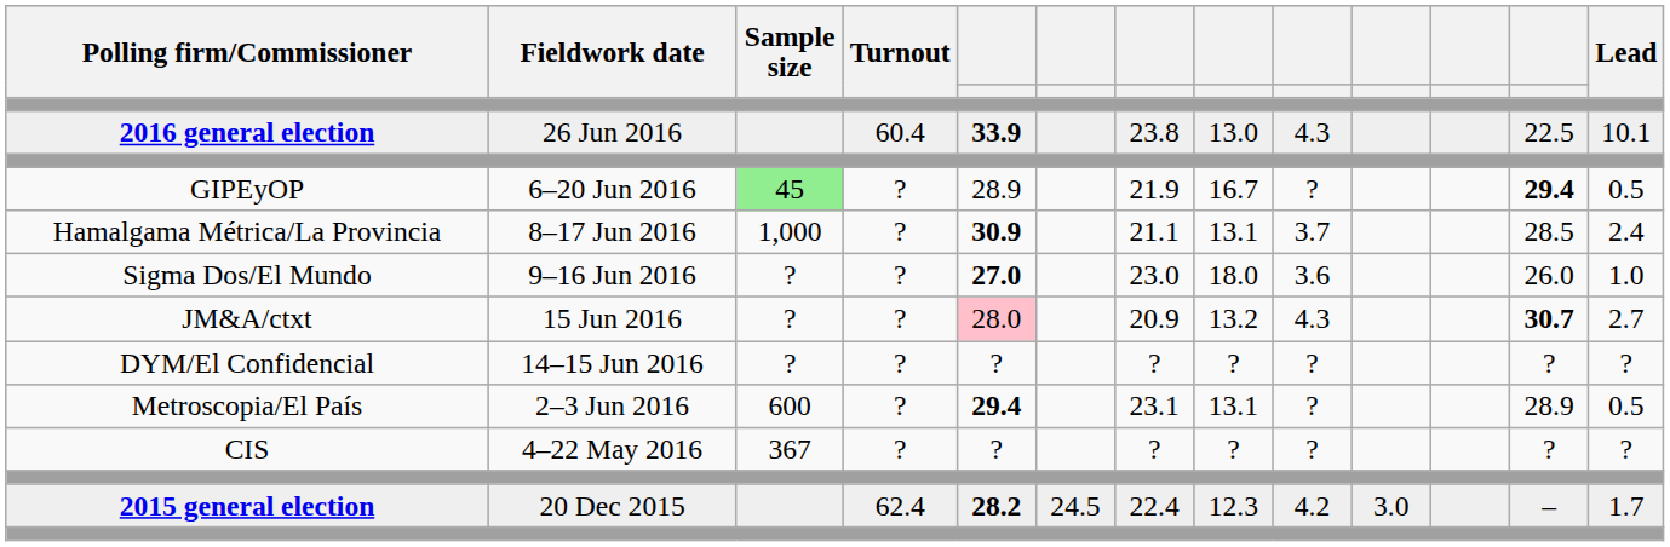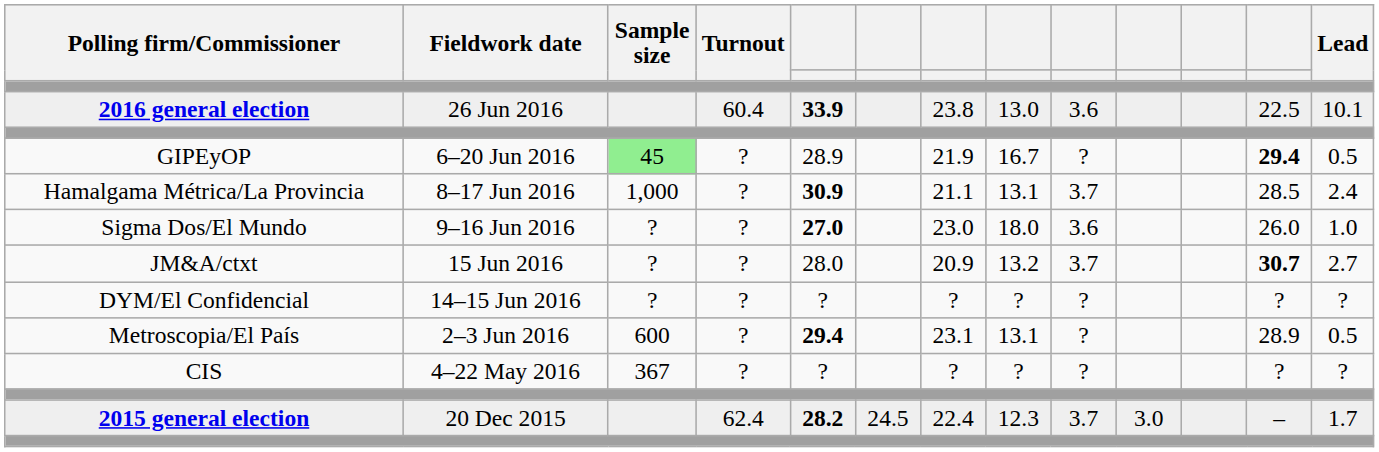 <table class="wikitable collapsible collapsed" style="text-align:center; font-size:95%; line-height:16px;">
 <tr style="height:42px; background-color:#E9E9E9">
 <th style="width:250px;" rowspan="2">Polling firm/Commissioner</th>
 <th style="width:125px;" rowspan="2">Fieldwork date</th>
 <th style="width:50px;" rowspan="2">Sample size</th>
 <th style="width:45px;" rowspan="2">Turnout</th>
 <th style="width:35px;"></th>
 <th style="width:35px;"></th>
 <th style="width:35px;"></th>
 <th style="width:35px;"></th>
 <th style="width:35px;"></th>
 <th style="width:35px;"></th>
 <th style="width:35px;"></th>
 <th style="width:35px;"></th>
 <th style="width:30px;" rowspan="2">Lead</th>
 </tr>
 <tr>
 <th style="color:inherit;background:"></th>
 <th style="color:inherit;background:"></th>
 <th style="color:inherit;background:"></th>
 <th style="color:inherit;background:"></th>
 <th style="color:inherit;background:"></th>
 <th style="color:inherit;background:"></th>
 <th style="color:inherit;background:"></th>
 <th style="color:inherit;background:"></th>
 </tr>
 <tr>
 <td colspan="13" style="background:#A0A0A0"></td>
 </tr>
 <tr style="background:#EFEFEF;">
 <td><strong><a href='#'>2016 general election</a></strong></td>
 <td>26 Jun 2016</td>
 <td></td>
 <td>60.4</td>
 <td><strong>33.9</strong><br></td>
 <td></td>
 <td>23.8<br></td>
 <td>13.0<br></td>
-<td>4.3<br></td>
+<td>3.6<br></td>
 <td></td>
 <td></td>
 <td>22.5<br></td>
 <td style="background:">10.1</td>
 </tr>
 <tr>
 <td colspan="13" style="background:#A0A0A0"></td>
 </tr>
 <tr>
 <td>GIPEyOP</td>
 <td>6–20 Jun 2016</td>
 <td style="background: lightgreen;">45</td>
 <td>?</td>
 <td>28.9<br></td>
 <td></td>
 <td>21.9<br></td>
 <td>16.7<br></td>
 <td>?<br></td>
 <td></td>
 <td></td>
 <td><strong>29.4</strong><br></td>
 <td style="background:">0.5</td>
 </tr>
 <tr>
 <td>Hamalgama Métrica/La Provincia</td>
 <td>8–17 Jun 2016</td>
 <td>1,000</td>
 <td>?</td>
 <td><strong>30.9</strong><br></td>
 <td></td>
 <td>21.1<br></td>
 <td>13.1<br></td>
 <td>3.7<br></td>
 <td></td>
 <td></td>
 <td>28.5<br></td>
 <td style="background:">2.4</td>
 </tr>
 <tr>
 <td>Sigma Dos/El Mundo</td>
 <td>9–16 Jun 2016</td>
 <td>?</td>
 <td>?</td>
 <td><strong>27.0</strong><br></td>
 <td></td>
 <td>23.0<br></td>
 <td>18.0<br></td>
 <td>3.6<br></td>
 <td></td>
 <td></td>
 <td>26.0<br></td>
 <td style="background:">1.0</td>
 </tr>
 <tr>
 <td>JM&A/ctxt</td>
 <td>15 Jun 2016</td>
 <td>?</td>
 <td>?</td>
-<td style="background: pink;">28.0<br></td>
+<td>28.0<br></td>
 <td></td>
 <td>20.9<br></td>
 <td>13.2<br></td>
-<td>4.3<br></td>
+<td>3.7<br></td>
 <td></td>
 <td></td>
 <td><strong>30.7</strong><br></td>
 <td style="background:">2.7</td>
 </tr>
 <tr>
 <td>DYM/El Confidencial</td>
 <td>14–15 Jun 2016</td>
 <td>?</td>
 <td>?</td>
 <td>?<br></td>
 <td></td>
 <td>?<br></td>
 <td>?<br></td>
 <td>?<br></td>
 <td></td>
 <td></td>
 <td>?<br></td>
 <td style="background:">?</td>
 </tr>
 <tr>
 <td>Metroscopia/El País</td>
 <td>2–3 Jun 2016</td>
 <td>600</td>
 <td>?</td>
 <td><strong>29.4</strong><br></td>
 <td></td>
 <td>23.1<br></td>
 <td>13.1<br></td>
 <td>?<br></td>
 <td></td>
 <td></td>
 <td>28.9<br></td>
 <td style="background:">0.5</td>
 </tr>
 <tr>
 <td>CIS</td>
 <td>4–22 May 2016</td>
 <td>367</td>
 <td>?</td>
 <td>?<br></td>
 <td></td>
 <td>?<br></td>
 <td>?<br></td>
 <td>?<br></td>
 <td></td>
 <td></td>
 <td>?<br></td>
 <td style="background:">?</td>
 </tr>
 <tr>
 <td colspan="13" style="background:#A0A0A0"></td>
 </tr>
 <tr style="background:#EFEFEF;">
 <td><strong><a href='#'>2015 general election</a></strong></td>
 <td>20 Dec 2015</td>
 <td></td>
 <td>62.4</td>
 <td><strong>28.2</strong><br></td>
 <td>24.5<br></td>
 <td>22.4<br></td>
 <td>12.3<br></td>
-<td>4.2<br></td>
+<td>3.7<br></td>
 <td>3.0<br></td>
 <td></td>
 <td>–</td>
 <td style="background:">1.7</td>
 </tr>
 <tr>
 <td colspan="13" style="background:#A0A0A0"></td>
 </tr>
 </table>
